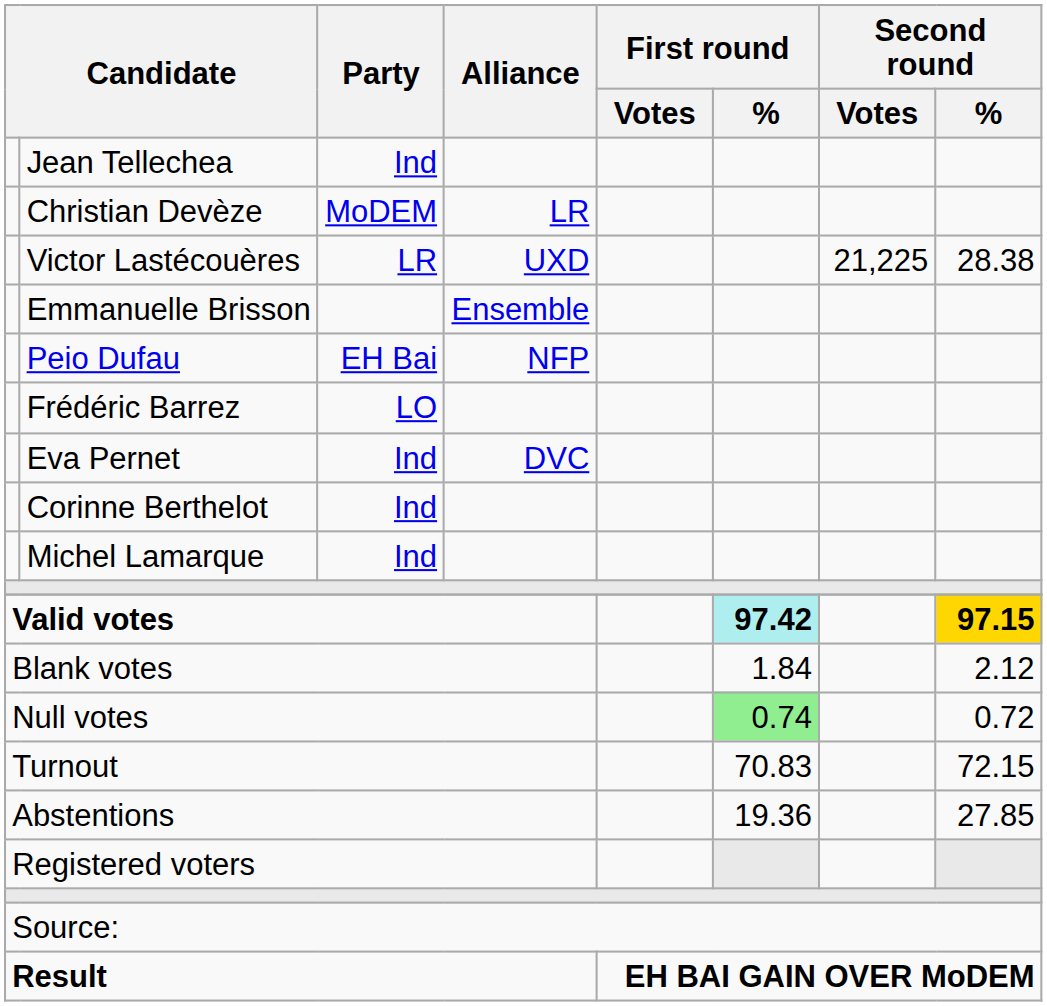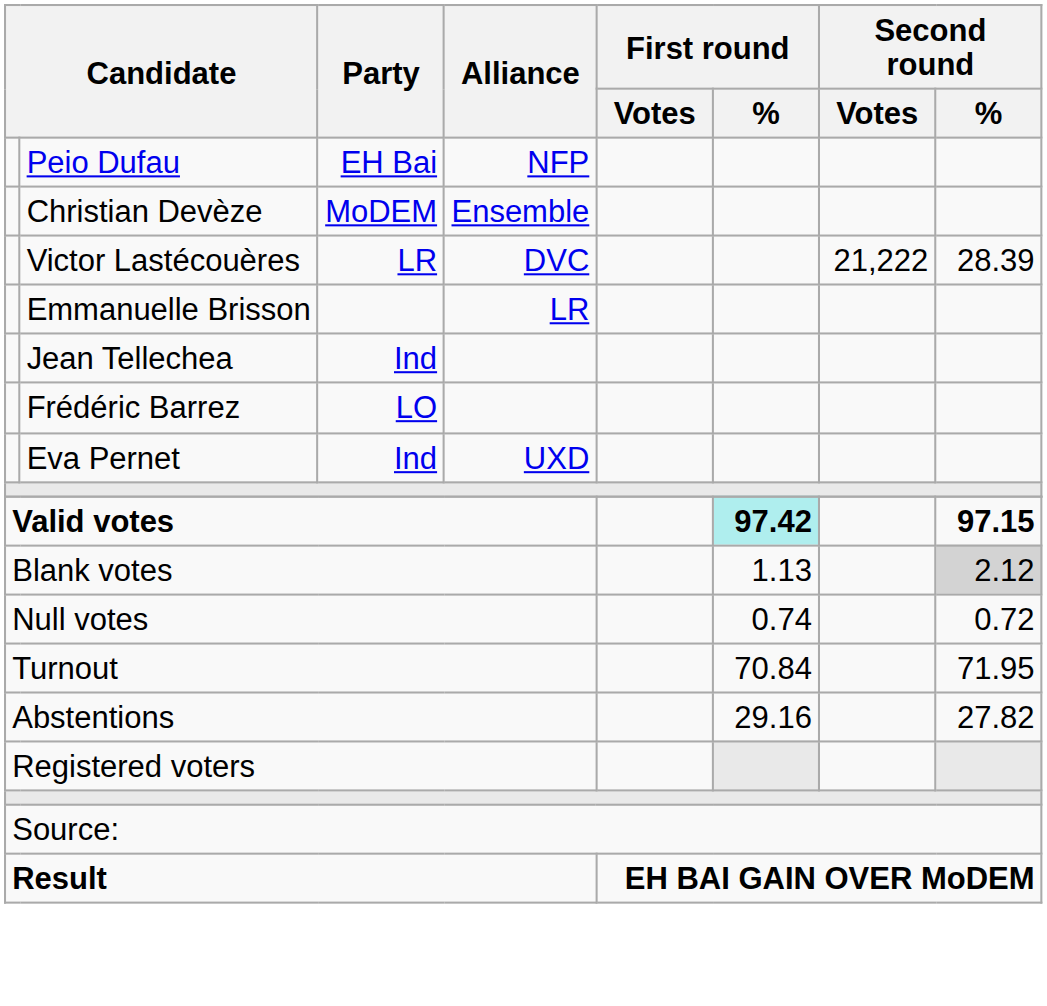 <table class="wikitable" style="text-align:right;font-size:95%;">
 <tr>
 <th colspan="2" rowspan="2">Candidate</th>
 <th colspan="1" rowspan="2">Party</th>
 <th colspan="1" rowspan="2">Alliance</th>
 <th colspan="2">First round</th>
 <th colspan="2">Second round</th>
 </tr>
 <tr>
 <th style="width:50px;">Votes</th>
 <th style="width:45px;">%</th>
 <th style="width:50px;">Votes</th>
 <th style="width:45px;">%</th>
 </tr>
 <tr>
 <td style="color:inherit;background:"></td>
-<td style="text-align:left;">Jean Tellechea</td>
-<td><a href='#'>Ind</a></td>
-<td></td>
-<td></td>
-<td></td>
-<td></td>
-<td></td>
+<td style="text-align:left;"><a href='#'>Peio Dufau</a></td>
+<td><a href='#'>EH Bai</a></td>
+<td><a href='#'>NFP</a></td>
+<td><strong></strong></td>
+<td><strong></strong></td>
+<td><strong></strong></td>
+<td><strong></strong></td>
 </tr>
 <tr>
 <td style="color:inherit;background:"></td>
 <td style="text-align:left;">Christian Devèze</td>
 <td><a href='#'>MoDEM</a></td>
-<td><a href='#'>LR</a></td>
+<td><a href='#'>Ensemble</a></td>
 <td><strong></strong></td>
 <td><strong></strong></td>
 <td></td>
 <td></td>
 </tr>
 <tr>
 <td style="color:inherit;background:"></td>
 <td style="text-align:left;">Victor Lastécouères</td>
 <td><a href='#'>LR</a></td>
-<td><a href='#'>UXD</a></td>
+<td><a href='#'>DVC</a></td>
 <td><strong></strong></td>
 <td><strong></strong></td>
-<td>21,225</td>
-<td>28.38</td>
+<td>21,222</td>
+<td>28.39</td>
 </tr>
 <tr>
 <td style="color:inherit;background:"></td>
 <td style="text-align:left;">Emmanuelle Brisson</td>
 <td></td>
-<td><a href='#'>Ensemble</a></td>
+<td><a href='#'>LR</a></td>
 <td></td>
 <td></td>
 <td></td>
 <td></td>
 </tr>
 <tr>
 <td style="color:inherit;background:"></td>
-<td style="text-align:left;"><a href='#'>Peio Dufau</a></td>
-<td><a href='#'>EH Bai</a></td>
-<td><a href='#'>NFP</a></td>
-<td><strong></strong></td>
-<td><strong></strong></td>
-<td><strong></strong></td>
-<td><strong></strong></td>
+<td style="text-align:left;">Jean Tellechea</td>
+<td><a href='#'>Ind</a></td>
+<td></td>
+<td></td>
+<td></td>
+<td></td>
+<td></td>
 </tr>
 <tr>
 <td style="color:inherit;background:"></td>
 <td style="text-align:left;">Frédéric Barrez</td>
 <td><a href='#'>LO</a></td>
 <td></td>
 <td></td>
 <td></td>
 <td></td>
 <td></td>
 </tr>
 <tr>
 <td style="color:inherit;background:"></td>
 <td style="text-align:left;">Eva Pernet</td>
 <td><a href='#'>Ind</a></td>
-<td><a href='#'>DVC</a></td>
-<td></td>
-<td></td>
-<td></td>
-<td></td>
-</tr>
-<tr>
-<td style="color:inherit;background:"></td>
-<td style="text-align:left;">Corinne Berthelot</td>
-<td><a href='#'>Ind</a></td>
-<td></td>
-<td></td>
-<td></td>
-<td></td>
-<td></td>
-</tr>
-<tr>
-<td style="color:inherit;background:"></td>
-<td style="text-align:left;">Michel Lamarque</td>
-<td><a href='#'>Ind</a></td>
-<td></td>
+<td><a href='#'>UXD</a></td>
 <td></td>
 <td></td>
 <td></td>
 <td></td>
 </tr>
 <tr>
 <td colspan="8" style="background:#E9E9E9;"></td>
 </tr>
 <tr>
 </tr>
 <tr style="font-weight:bold;">
 <td colspan="4" style="text-align:left;">Valid votes</td>
 <td></td>
 <td style="background: paleturquoise;">97.42</td>
 <td></td>
-<td style="background: gold;">97.15</td>
+<td>97.15</td>
 </tr>
 <tr>
 <td colspan="4" style="text-align:left;">Blank votes</td>
 <td></td>
-<td>1.84</td>
+<td>1.13</td>
 <td></td>
-<td>2.12</td>
+<td style="background: lightgrey;">2.12</td>
 </tr>
 <tr>
 <td colspan="4" style="text-align:left;">Null votes</td>
 <td></td>
-<td style="background: lightgreen;">0.74</td>
+<td>0.74</td>
 <td></td>
 <td>0.72</td>
 </tr>
 <tr>
 <td colspan="4" style="text-align:left;">Turnout</td>
 <td></td>
-<td>70.83</td>
+<td>70.84</td>
 <td></td>
-<td>72.15</td>
+<td>71.95</td>
 </tr>
 <tr>
 <td colspan="4" style="text-align:left;">Abstentions</td>
 <td></td>
-<td>19.36</td>
+<td>29.16</td>
 <td></td>
-<td>27.85</td>
+<td>27.82</td>
 </tr>
 <tr>
 <td colspan="4" style="text-align:left;">Registered voters</td>
 <td></td>
 <td style="background:#E9E9E9;"></td>
 <td></td>
 <td style="background:#E9E9E9;"></td>
 </tr>
 <tr>
 <td colspan="8" style="background:#E9E9E9;"></td>
 </tr>
 <tr>
 <td colspan="8" style="text-align:left;">Source: </td>
 </tr>
 <tr style="font-weight:bold">
 <td colspan="4" style="text-align:left;">Result</td>
 <td colspan="4" style="background-color:">EH BAI GAIN OVER MoDEM</td>
 </tr>
 </table>
